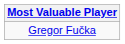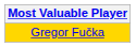 <table class=wikitable style="text-align:center; margin:auto">
 <tr>
 <th><a href='#'>Most Valuable Player</a></th>
 </tr>
 <tr>
-<td> <a href='#'>Gregor Fučka</a></td>
+<td style="background: gold;"> <a href='#'>Gregor Fučka</a></td>
 </tr>
 </table>
